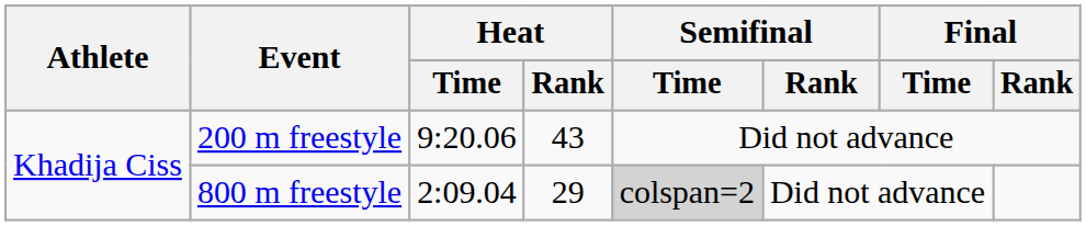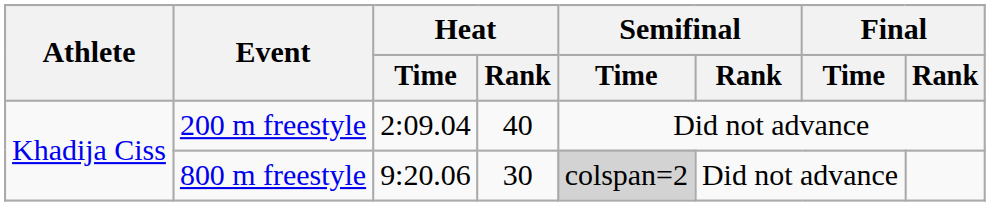 <table class=wikitable style="font-size:90%">
 <tr>
 <th rowspan="2">Athlete</th>
 <th rowspan="2">Event</th>
 <th colspan="2">Heat</th>
 <th colspan="2">Semifinal</th>
 <th colspan="2">Final</th>
 </tr>
 <tr style="font-size:95%">
 <th>Time</th>
 <th>Rank</th>
 <th>Time</th>
 <th>Rank</th>
 <th>Time</th>
 <th>Rank</th>
 </tr>
 <tr align=center>
 <td align=left rowspan=2><a href='#'>Khadija Ciss</a></td>
 <td align=left><a href='#'>200 m freestyle</a></td>
-<td>9:20.06</td>
-<td>43</td>
+<td>2:09.04</td>
+<td>40</td>
 <td colspan=4>Did not advance</td>
 </tr>
 <tr align=center>
 <td align=left><a href='#'>800 m freestyle</a></td>
-<td>2:09.04</td>
-<td>29</td>
+<td>9:20.06</td>
+<td>30</td>
 <td style="background: lightgrey;">colspan=2 </td>
 <td colspan=2>Did not advance</td>
 </tr>
 </table>
